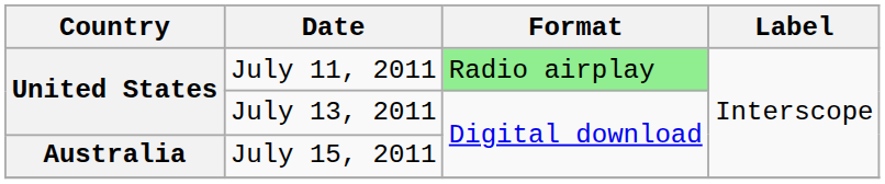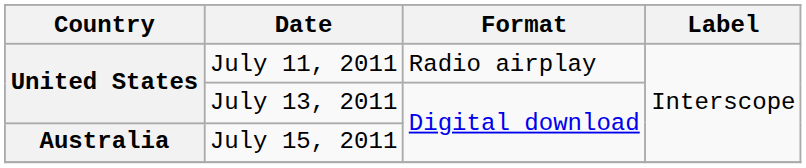 <table class="wikitable plainrowheaders">
 <tr>
 <th scope="col">Country</th>
 <th scope="col">Date</th>
 <th scope="col">Format</th>
 <th scope="col">Label</th>
 </tr>
 <tr>
 <th scope="row" rowspan="2">United States</th>
 <td>July 11, 2011</td>
-<td style="background: lightgreen;">Radio airplay</td>
+<td>Radio airplay</td>
 <td rowspan="3">Interscope</td>
 </tr>
 <tr>
 <td>July 13, 2011</td>
 <td rowspan="2"><a href='#'>Digital download</a></td>
 </tr>
 <tr>
 <th scope="row">Australia</th>
 <td>July 15, 2011</td>
 </tr>
 <tr>
 </tr>
 </table>
